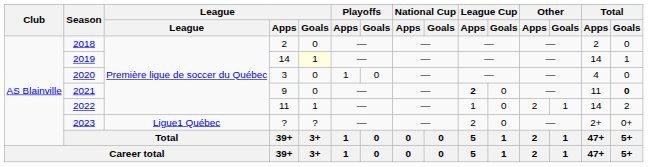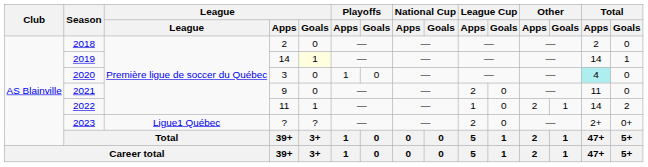 <table class="wikitable" style="text-align: center;">
 <tr>
 <th rowspan="2">Club</th>
 <th rowspan="2">Season</th>
 <th colspan="3">League</th>
 <th colspan="2">Playoffs</th>
 <th colspan="2">National Cup</th>
 <th colspan="2">League Cup</th>
 <th colspan="2">Other</th>
 <th colspan="2">Total</th>
 </tr>
 <tr>
 <th>League</th>
 <th>Apps</th>
 <th>Goals</th>
 <th>Apps</th>
 <th>Goals</th>
 <th>Apps</th>
 <th>Goals</th>
 <th>Apps</th>
 <th>Goals</th>
 <th>Apps</th>
 <th>Goals</th>
 <th>Apps</th>
 <th>Goals</th>
 </tr>
 <tr>
 <td rowspan=7><a href='#'>AS Blainville</a></td>
 <td><a href='#'>2018</a></td>
 <td rowspan=5><a href='#'>Première ligue de soccer du Québec</a></td>
 <td>2</td>
 <td>0</td>
 <td colspan="2">—</td>
 <td colspan="2">—</td>
 <td colspan="2">—</td>
 <td colspan="2">—</td>
 <td>2</td>
 <td>0</td>
 </tr>
 <tr>
 <td><a href='#'>2019</a></td>
 <td>14</td>
 <td style="background: lightyellow;">1</td>
 <td colspan="2">—</td>
 <td colspan="2">—</td>
 <td colspan="2">—</td>
 <td colspan="2">—</td>
 <td>14</td>
 <td>1</td>
 </tr>
 <tr>
 <td><a href='#'>2020</a></td>
 <td>3</td>
 <td>0</td>
 <td>1</td>
 <td>0</td>
 <td colspan="2">—</td>
 <td colspan="2">—</td>
 <td colspan="2">—</td>
-<td>4</td>
+<td style="background: paleturquoise;">4</td>
 <td>0</td>
 </tr>
 <tr>
 <td><a href='#'>2021</a></td>
 <td>9</td>
 <td>0</td>
 <td colspan="2">—</td>
 <td colspan="2">—</td>
-<td><strong>2</strong></td>
+<td>2</td>
 <td>0</td>
 <td colspan="2">—</td>
 <td>11</td>
-<td><strong>0</strong></td>
+<td>0</td>
 </tr>
 <tr>
 <td><a href='#'>2022</a></td>
 <td>11</td>
 <td>1</td>
 <td colspan="2">—</td>
 <td colspan="2">—</td>
 <td>1</td>
 <td>0</td>
 <td>2</td>
 <td>1</td>
 <td>14</td>
 <td>2</td>
 </tr>
 <tr>
 <td><a href='#'>2023</a></td>
 <td><a href='#'>Ligue1 Québec</a></td>
 <td>?</td>
 <td>?</td>
 <td colspan="2">—</td>
 <td colspan="2">—</td>
 <td>2</td>
 <td>0</td>
 <td colspan="2">—</td>
 <td>2+</td>
 <td>0+</td>
 </tr>
 <tr>
 <th colspan="2">Total</th>
 <th>39+</th>
 <th>3+</th>
 <th>1</th>
 <th>0</th>
 <th>0</th>
 <th>0</th>
 <th>5</th>
 <th>1</th>
 <th>2</th>
 <th>1</th>
 <th>47+</th>
 <th>5+</th>
 </tr>
 <tr>
 <th colspan="3">Career total</th>
 <th>39+</th>
 <th>3+</th>
 <th>1</th>
 <th>0</th>
 <th>0</th>
 <th>0</th>
 <th>5</th>
 <th>1</th>
 <th>2</th>
 <th>1</th>
 <th>47+</th>
 <th>5+</th>
 </tr>
 </table>
